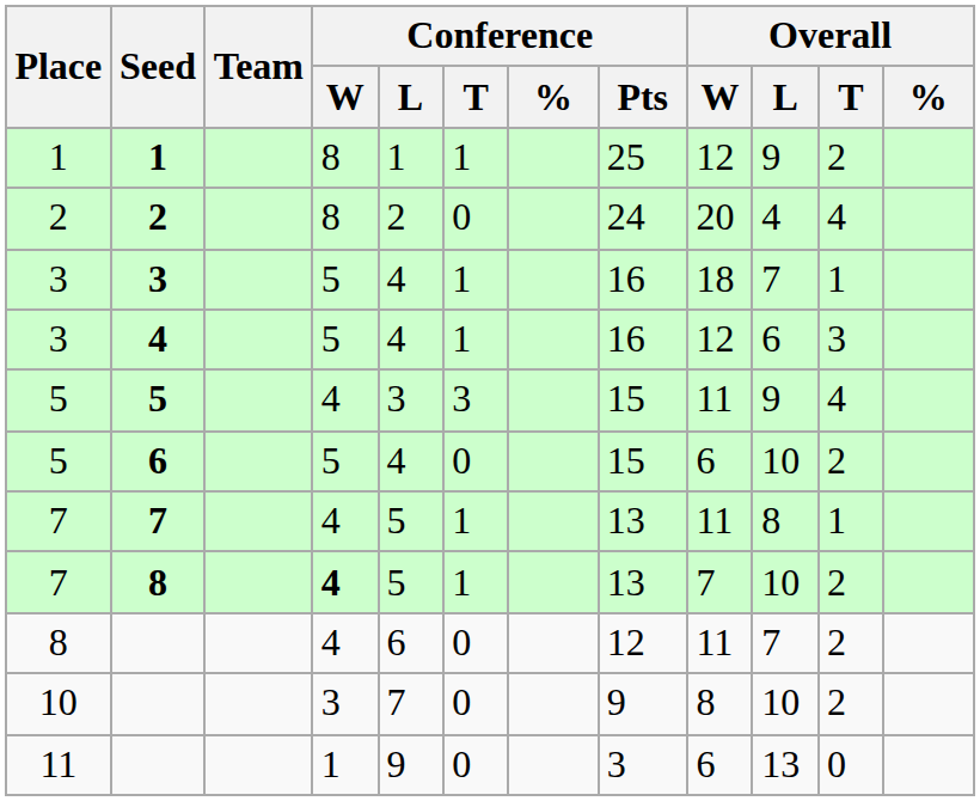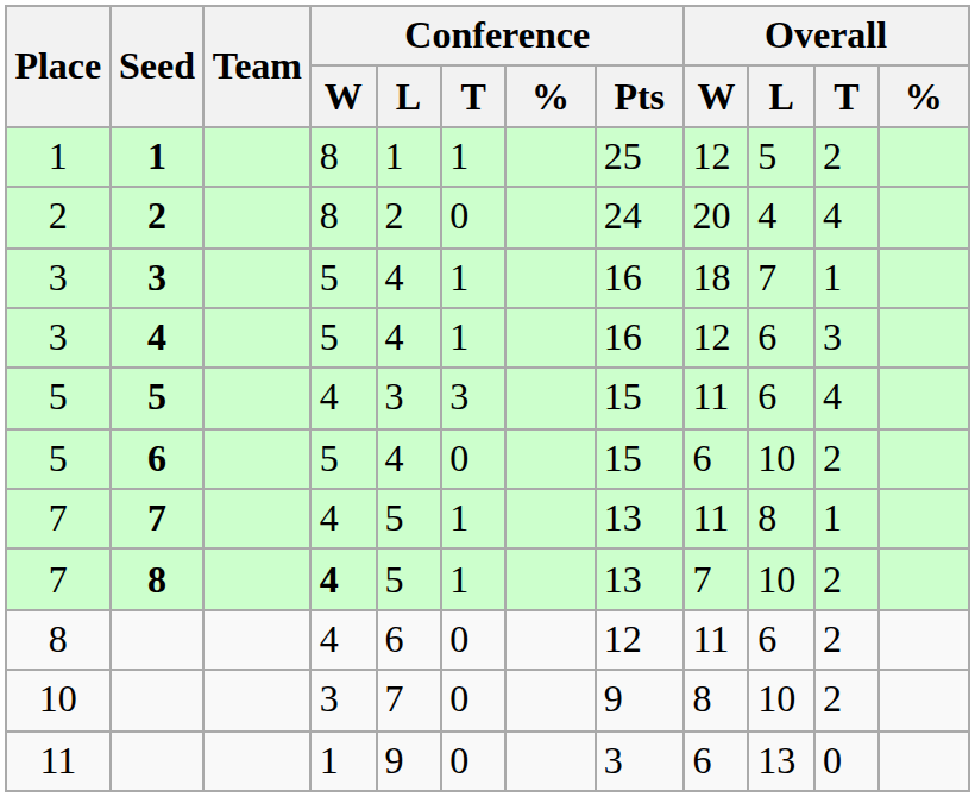 <table class="wikitable">
 <tr>
 <th rowspan ="2">Place</th>
 <th rowspan ="2">Seed</th>
 <th rowspan ="2">Team</th>
 <th colspan = "5">Conference</th>
 <th colspan = "4">Overall</th>
 </tr>
 <tr>
 <th scope="col" style="width: 20px;">W</th>
 <th scope="col" style="width: 20px;">L</th>
 <th scope="col" style="width: 20px;">T</th>
 <th scope="col" style="width: 30px;">%</th>
 <th scope="col" style="width: 30px;">Pts</th>
 <th scope="col" style="width: 20px;">W</th>
 <th scope="col" style="width: 20px;">L</th>
 <th scope="col" style="width: 20px;">T</th>
 <th scope="col" style="width: 30px;">%</th>
 </tr>
 <tr bgcolor=#ccffcc>
 <td style="text-align:center;">1</td>
 <td style="text-align:center;"><strong>1</strong></td>
 <td></td>
 <td>8</td>
 <td>1</td>
 <td>1</td>
 <td></td>
 <td>25</td>
 <td>12</td>
-<td>9</td>
+<td>5</td>
 <td>2</td>
 <td></td>
 </tr>
 <tr bgcolor=#ccffcc>
 <td style="text-align:center;">2</td>
 <td style="text-align:center;"><strong>2</strong></td>
 <td></td>
 <td>8</td>
 <td>2</td>
 <td>0</td>
 <td></td>
 <td>24</td>
 <td>20</td>
 <td>4</td>
 <td>4</td>
 <td></td>
 </tr>
 <tr bgcolor=#ccffcc>
 <td style="text-align:center;">3</td>
 <td style="text-align:center;"><strong>3</strong></td>
 <td></td>
 <td>5</td>
 <td>4</td>
 <td>1</td>
 <td></td>
 <td>16</td>
 <td>18</td>
 <td>7</td>
 <td>1</td>
 <td></td>
 </tr>
 <tr bgcolor=#ccffcc>
 <td style="text-align:center;">3</td>
 <td style="text-align:center;"><strong>4</strong></td>
 <td></td>
 <td>5</td>
 <td>4</td>
 <td>1</td>
 <td></td>
 <td>16</td>
 <td>12</td>
 <td>6</td>
 <td>3</td>
 <td></td>
 </tr>
 <tr bgcolor=#ccffcc>
 <td style="text-align:center;">5</td>
 <td style="text-align:center;"><strong>5</strong></td>
 <td></td>
 <td>4</td>
 <td>3</td>
 <td>3</td>
 <td></td>
 <td>15</td>
 <td>11</td>
-<td>9</td>
+<td>6</td>
 <td>4</td>
 <td></td>
 </tr>
 <tr bgcolor=#ccffcc>
 <td style="text-align:center;">5</td>
 <td style="text-align:center;"><strong>6</strong></td>
 <td></td>
 <td>5</td>
 <td>4</td>
 <td>0</td>
 <td></td>
 <td>15</td>
 <td>6</td>
 <td>10</td>
 <td>2</td>
 <td></td>
 </tr>
 <tr bgcolor=#ccffcc>
 <td style="text-align:center;">7</td>
 <td style="text-align:center;"><strong>7</strong></td>
 <td></td>
 <td>4</td>
 <td>5</td>
 <td>1</td>
 <td></td>
 <td>13</td>
 <td>11</td>
 <td>8</td>
 <td>1</td>
 <td></td>
 </tr>
 <tr bgcolor=#ccffcc>
 <td style="text-align:center;">7</td>
 <td style="text-align:center;"><strong>8</strong></td>
 <td></td>
 <td><strong>4</strong></td>
 <td>5</td>
 <td>1</td>
 <td></td>
 <td>13</td>
 <td>7</td>
 <td>10</td>
 <td>2</td>
 <td></td>
 </tr>
 <tr>
 <td style="text-align:center;">8</td>
 <td style="text-align:center;"></td>
 <td></td>
 <td>4</td>
 <td>6</td>
 <td>0</td>
 <td></td>
 <td>12</td>
 <td>11</td>
-<td>7</td>
+<td>6</td>
 <td>2</td>
 <td></td>
 </tr>
 <tr>
 <td style="text-align:center;">10</td>
 <td style="text-align:center;"></td>
 <td></td>
 <td>3</td>
 <td>7</td>
 <td>0</td>
 <td></td>
 <td>9</td>
 <td>8</td>
 <td>10</td>
 <td>2</td>
 <td></td>
 </tr>
 <tr>
 <td style="text-align:center;">11</td>
 <td style="text-align:center;"></td>
 <td></td>
 <td>1</td>
 <td>9</td>
 <td>0</td>
 <td></td>
 <td>3</td>
 <td>6</td>
 <td>13</td>
 <td>0</td>
 <td></td>
 </tr>
 </table>
